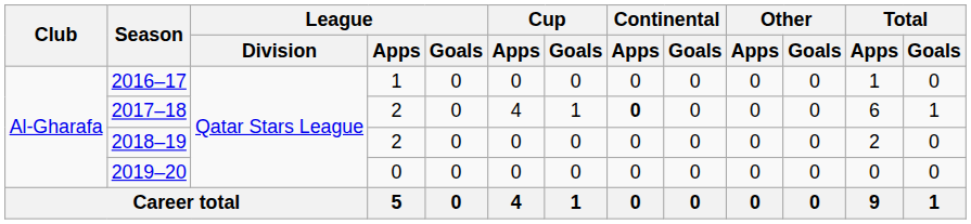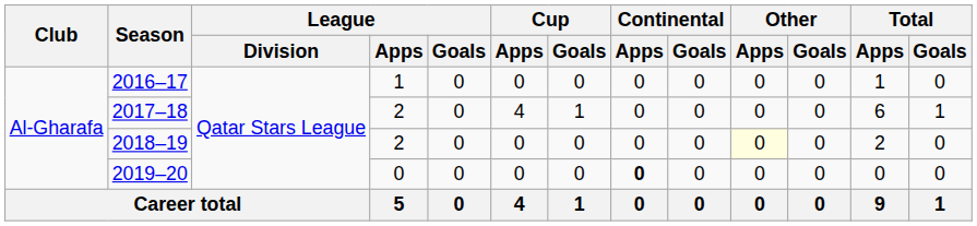 <table class="wikitable" style="text-align: center">
 <tr>
 <th rowspan="2">Club</th>
 <th rowspan="2">Season</th>
 <th colspan="3">League</th>
 <th colspan="2">Cup</th>
 <th colspan="2">Continental</th>
 <th colspan="2">Other</th>
 <th colspan="2">Total</th>
 </tr>
 <tr>
 <th>Division</th>
 <th>Apps</th>
 <th>Goals</th>
 <th>Apps</th>
 <th>Goals</th>
 <th>Apps</th>
 <th>Goals</th>
 <th>Apps</th>
 <th>Goals</th>
 <th>Apps</th>
 <th>Goals</th>
 </tr>
 <tr>
 <td rowspan="4"><a href='#'>Al-Gharafa</a></td>
 <td><a href='#'>2016–17</a></td>
 <td rowspan="4"><a href='#'>Qatar Stars League</a></td>
 <td>1</td>
 <td>0</td>
 <td>0</td>
 <td>0</td>
 <td>0</td>
 <td>0</td>
 <td>0</td>
 <td>0</td>
 <td>1</td>
 <td>0</td>
 </tr>
 <tr>
 <td><a href='#'>2017–18</a></td>
 <td>2</td>
 <td>0</td>
 <td>4</td>
 <td>1</td>
-<td><strong>0</strong></td>
+<td>0</td>
 <td>0</td>
 <td>0</td>
 <td>0</td>
 <td>6</td>
 <td>1</td>
 </tr>
 <tr>
 <td><a href='#'>2018–19</a></td>
 <td>2</td>
 <td>0</td>
 <td>0</td>
 <td>0</td>
 <td>0</td>
 <td>0</td>
-<td>0</td>
+<td style="background: lightyellow;">0</td>
 <td>0</td>
 <td>2</td>
 <td>0</td>
 </tr>
 <tr>
 <td><a href='#'>2019–20</a></td>
 <td>0</td>
 <td>0</td>
 <td>0</td>
 <td>0</td>
-<td>0</td>
+<td><strong>0</strong></td>
 <td>0</td>
 <td>0</td>
 <td>0</td>
 <td>0</td>
 <td>0</td>
 </tr>
 <tr>
 <th colspan=3>Career total</th>
 <th>5</th>
 <th>0</th>
 <th>4</th>
 <th>1</th>
 <th>0</th>
 <th>0</th>
 <th>0</th>
 <th>0</th>
 <th>9</th>
 <th>1</th>
 </tr>
 </table>
